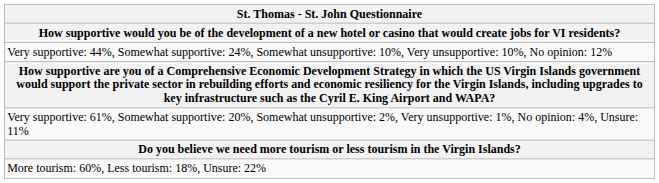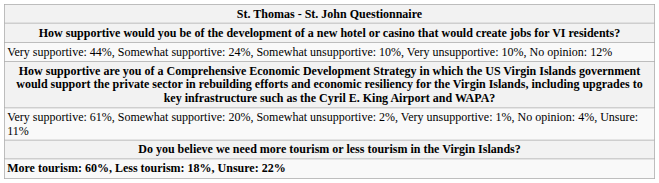 <table class="wikitable sortable">
 <tr>
 <th colspan="6">St. Thomas - St. John Questionnaire </th>
 </tr>
 <tr>
 <th colspan="6">How supportive would you be of the development of a new hotel or casino that would create jobs for VI residents?</th>
 </tr>
 <tr>
 <td>Very supportive: 44%, Somewhat supportive: 24%, Somewhat unsupportive: 10%, Very unsupportive: 10%, No opinion: 12%</td>
 </tr>
 <tr>
 <th colspan="6">How supportive are you of a Comprehensive Economic Development Strategy in which the US Virgin Islands government would support the private sector in rebuilding efforts and economic resiliency for the Virgin Islands, including upgrades to key infrastructure such as the Cyril E. King Airport and WAPA?</th>
 </tr>
 <tr>
 <td>Very supportive: 61%, Somewhat supportive: 20%, Somewhat unsupportive: 2%, Very unsupportive: 1%, No opinion: 4%, Unsure: 11%</td>
 </tr>
 <tr>
 <th colspan="6">Do you believe we need more tourism or less tourism in the Virgin Islands?</th>
 </tr>
 <tr>
-<td>More tourism: 60%, Less tourism: 18%, Unsure: 22%</td>
+<td><strong>More tourism: 60%, Less tourism: 18%, Unsure: 22%</strong></td>
 </tr>
 </table>
